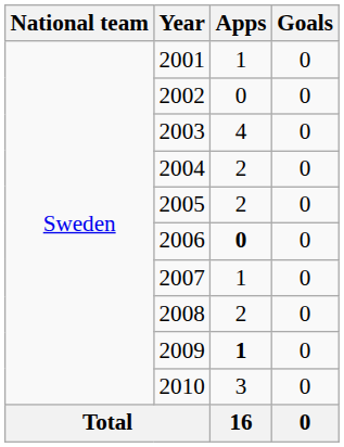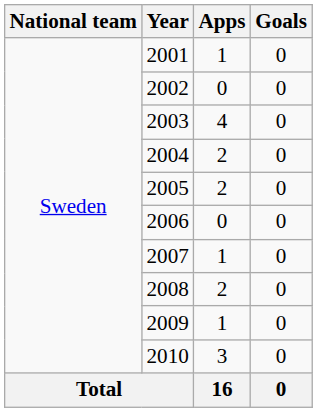 <table class="wikitable" style="text-align:center">
 <tr>
 <th>National team</th>
 <th>Year</th>
 <th>Apps</th>
 <th>Goals</th>
 </tr>
 <tr>
 <td rowspan="10"><a href='#'>Sweden</a></td>
 <td>2001</td>
 <td>1</td>
 <td>0</td>
 </tr>
 <tr>
 <td>2002</td>
 <td>0</td>
 <td>0</td>
 </tr>
 <tr>
 <td>2003</td>
 <td>4</td>
 <td>0</td>
 </tr>
 <tr>
 <td>2004</td>
 <td>2</td>
 <td>0</td>
 </tr>
 <tr>
 <td>2005</td>
 <td>2</td>
 <td>0</td>
 </tr>
 <tr>
 <td>2006</td>
-<td><strong>0</strong></td>
+<td>0</td>
 <td>0</td>
 </tr>
 <tr>
 <td>2007</td>
 <td>1</td>
 <td>0</td>
 </tr>
 <tr>
 <td>2008</td>
 <td>2</td>
 <td>0</td>
 </tr>
 <tr>
 <td>2009</td>
-<td><strong>1</strong></td>
+<td>1</td>
 <td>0</td>
 </tr>
 <tr>
 <td>2010</td>
 <td>3</td>
 <td>0</td>
 </tr>
 <tr>
 <th colspan="2">Total</th>
 <th>16</th>
 <th>0</th>
 </tr>
 </table>
